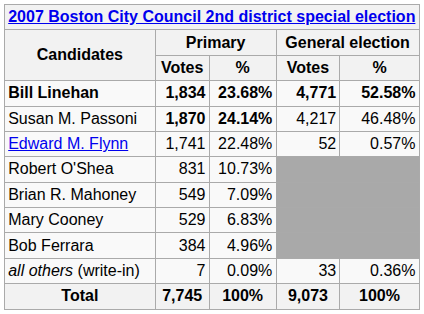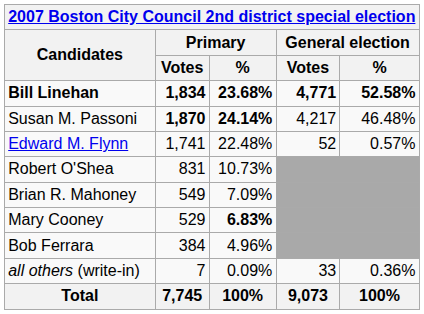 <table class=wikitable>
 <tr>
 <th colspan=5><a href='#'>2007 Boston City Council 2nd district special election</a></th>
 </tr>
 <tr>
 <th colspan=1 rowspan=2><strong>Candidates</strong></th>
 <th colspan=2><strong>Primary</strong></th>
 <th colspan=2><strong>General election</strong></th>
 </tr>
 <tr>
 <th>Votes</th>
 <th>%</th>
 <th>Votes</th>
 <th>%</th>
 </tr>
 <tr>
 <td><strong>Bill Linehan</strong></td>
 <td align="right"><strong>1,834</strong></td>
 <td align="right"><strong>23.68%</strong></td>
 <td align="right"><strong>4,771</strong></td>
 <td align="right"><strong>52.58%</strong></td>
 </tr>
 <tr>
 <td>Susan M. Passoni</td>
 <td align="right"><strong>1,870</strong></td>
 <td align="right"><strong>24.14%</strong></td>
 <td align="right">4,217</td>
 <td align="right">46.48%</td>
 </tr>
 <tr>
 <td><a href='#'>Edward M. Flynn</a></td>
 <td align="right">1,741</td>
 <td align="right">22.48%</td>
 <td align="right">52</td>
 <td align="right">0.57%</td>
 </tr>
 <tr>
 <td>Robert O'Shea</td>
 <td align="right">831</td>
 <td align="right">10.73%</td>
 <td colspan=2 bgcolor=darkgray> </td>
 </tr>
 <tr>
 <td>Brian R. Mahoney</td>
 <td align="right">549</td>
 <td align="right">7.09%</td>
 <td colspan=2 bgcolor=darkgray> </td>
 </tr>
 <tr>
 <td>Mary Cooney</td>
 <td align="right">529</td>
-<td align="right">6.83%</td>
+<td align="right"><strong>6.83%</strong></td>
 <td colspan=2 bgcolor=darkgray> </td>
 </tr>
 <tr>
 <td>Bob Ferrara</td>
 <td align="right">384</td>
 <td align="right">4.96%</td>
 <td colspan=2 bgcolor=darkgray> </td>
 </tr>
 <tr>
 <td><em>all others</em> (write-in)</td>
 <td align="right">7</td>
 <td align="right">0.09%</td>
 <td align="right">33</td>
 <td align="right">0.36%</td>
 </tr>
 <tr>
 <th><strong>Total</strong></th>
 <th align="right"><strong>7,745</strong></th>
 <th align="right"><strong>100%</strong></th>
 <th align="right"><strong>9,073</strong></th>
 <th align="right"><strong>100%</strong></th>
 </tr>
 </table>
